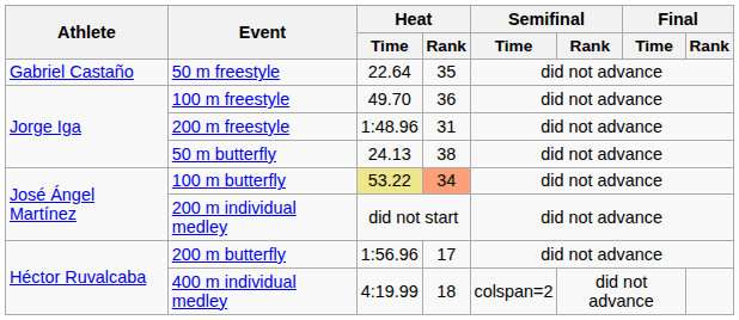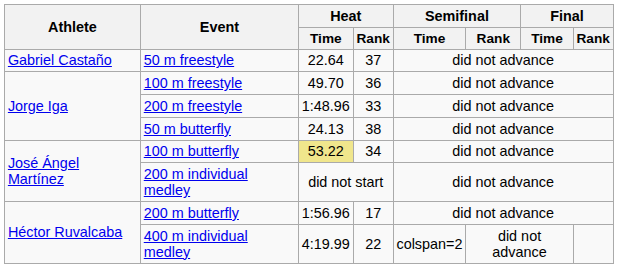 <table class=wikitable style="font-size:90%">
 <tr>
 <th rowspan="2">Athlete</th>
 <th rowspan="2">Event</th>
 <th colspan="2">Heat</th>
 <th colspan="2">Semifinal</th>
 <th colspan="2">Final</th>
 </tr>
 <tr style="font-size:95%">
 <th>Time</th>
 <th>Rank</th>
 <th>Time</th>
 <th>Rank</th>
 <th>Time</th>
 <th>Rank</th>
 </tr>
 <tr style="text-align:center">
 <td style="text-align:left"><a href='#'>Gabriel Castaño</a></td>
 <td style="text-align:left"><a href='#'>50 m freestyle</a></td>
 <td>22.64</td>
-<td>35</td>
+<td>37</td>
 <td colspan=4>did not advance</td>
 </tr>
 <tr style="text-align:center">
 <td style="text-align:left" rowspan=3><a href='#'>Jorge Iga</a></td>
 <td style="text-align:left"><a href='#'>100 m freestyle</a></td>
 <td>49.70</td>
 <td>36</td>
 <td colspan=4>did not advance</td>
 </tr>
 <tr style="text-align:center">
 <td style="text-align:left"><a href='#'>200 m freestyle</a></td>
 <td>1:48.96</td>
-<td>31</td>
+<td>33</td>
 <td colspan=4>did not advance</td>
 </tr>
 <tr style="text-align:center">
 <td style="text-align:left"><a href='#'>50 m butterfly</a></td>
 <td>24.13</td>
 <td>38</td>
 <td colspan=4>did not advance</td>
 </tr>
 <tr style="text-align:center">
 <td style="text-align:left" rowspan=2><a href='#'>José Ángel Martínez</a></td>
 <td style="text-align:left"><a href='#'>100 m butterfly</a></td>
 <td style="background: khaki;">53.22</td>
-<td style="background: lightsalmon;">34</td>
+<td>34</td>
 <td colspan=4>did not advance</td>
 </tr>
 <tr style="text-align:center">
 <td style="text-align:left"><a href='#'>200 m individual medley</a></td>
 <td colspan=2>did not start</td>
 <td colspan=4>did not advance</td>
 </tr>
 <tr style="text-align:center">
 <td style="text-align:left" rowspan=2><a href='#'>Héctor Ruvalcaba</a></td>
 <td style="text-align:left"><a href='#'>200 m butterfly</a></td>
 <td>1:56.96</td>
 <td>17</td>
 <td colspan=4>did not advance</td>
 </tr>
 <tr style="text-align:center">
 <td style="text-align:left"><a href='#'>400 m individual medley</a></td>
 <td>4:19.99</td>
-<td>18</td>
+<td>22</td>
 <td>colspan=2</td>
 <td colspan=2>did not advance</td>
 </tr>
 </table>
